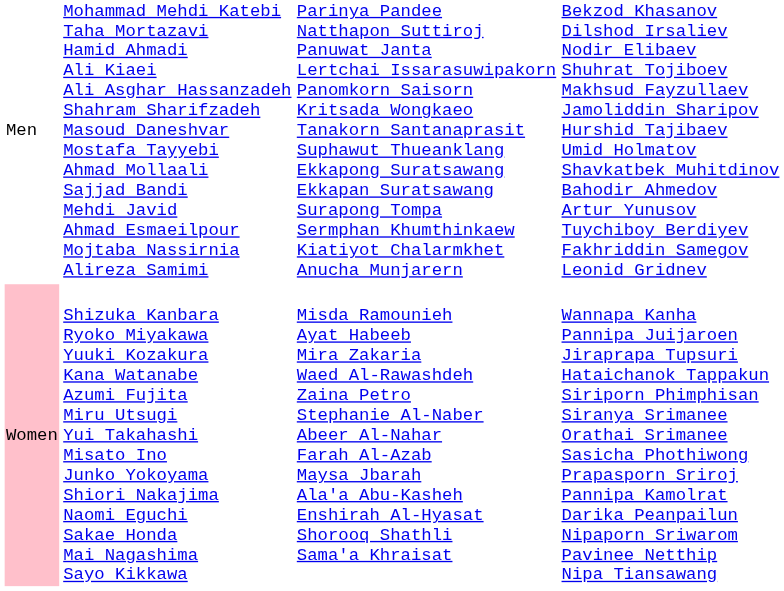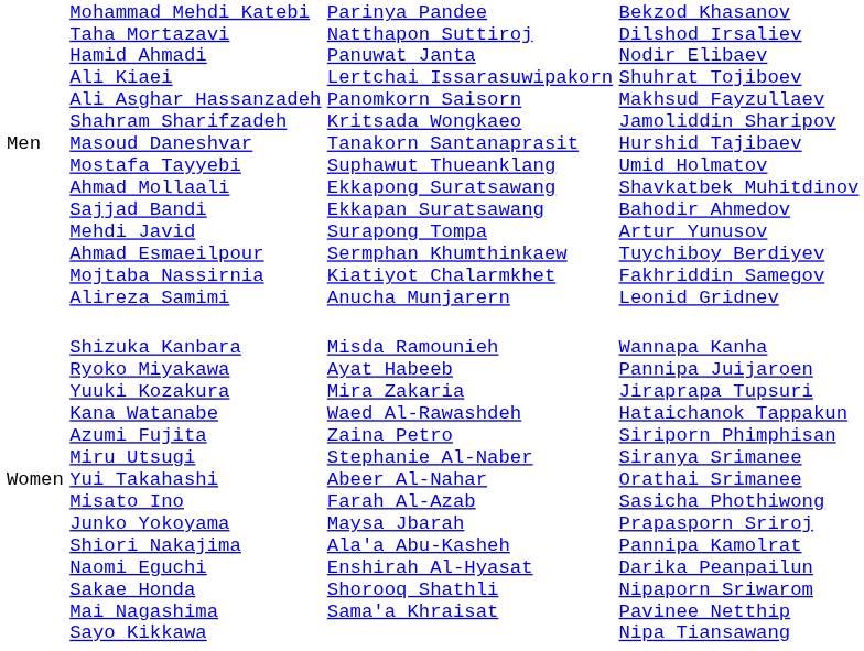 <table>
 <tr>
 <td>Men</td>
 <td><br><a href='#'>Mohammad Mehdi Katebi</a><br><a href='#'>Taha Mortazavi</a><br><a href='#'>Hamid Ahmadi</a><br><a href='#'>Ali Kiaei</a><br><a href='#'>Ali Asghar Hassanzadeh</a><br><a href='#'>Shahram Sharifzadeh</a><br><a href='#'>Masoud Daneshvar</a><br><a href='#'>Mostafa Tayyebi</a><br><a href='#'>Ahmad Mollaali</a><br><a href='#'>Sajjad Bandi</a><br><a href='#'>Mehdi Javid</a><br><a href='#'>Ahmad Esmaeilpour</a><br><a href='#'>Mojtaba Nassirnia</a><br><a href='#'>Alireza Samimi</a></td>
 <td><br><a href='#'>Parinya Pandee</a><br><a href='#'>Natthapon Suttiroj</a><br><a href='#'>Panuwat Janta</a><br><a href='#'>Lertchai Issarasuwipakorn</a><br><a href='#'>Panomkorn Saisorn</a><br><a href='#'>Kritsada Wongkaeo</a><br><a href='#'>Tanakorn Santanaprasit</a><br><a href='#'>Suphawut Thueanklang</a><br><a href='#'>Ekkapong Suratsawang</a><br><a href='#'>Ekkapan Suratsawang</a><br><a href='#'>Surapong Tompa</a><br><a href='#'>Sermphan Khumthinkaew</a><br><a href='#'>Kiatiyot Chalarmkhet</a><br><a href='#'>Anucha Munjarern</a></td>
 <td><br><a href='#'>Bekzod Khasanov</a><br><a href='#'>Dilshod Irsaliev</a><br><a href='#'>Nodir Elibaev</a><br><a href='#'>Shuhrat Tojiboev</a><br><a href='#'>Makhsud Fayzullaev</a><br><a href='#'>Jamoliddin Sharipov</a><br><a href='#'>Hurshid Tajibaev</a><br><a href='#'>Umid Holmatov</a><br><a href='#'>Shavkatbek Muhitdinov</a><br><a href='#'>Bahodir Ahmedov</a><br><a href='#'>Artur Yunusov</a><br><a href='#'>Tuychiboy Berdiyev</a><br><a href='#'>Fakhriddin Samegov</a><br><a href='#'>Leonid Gridnev</a></td>
 </tr>
 <tr>
-<td style="background: pink;">Women</td>
+<td>Women</td>
 <td><br><a href='#'>Shizuka Kanbara</a><br><a href='#'>Ryoko Miyakawa</a><br><a href='#'>Yuuki Kozakura</a><br><a href='#'>Kana Watanabe</a><br><a href='#'>Azumi Fujita</a><br><a href='#'>Miru Utsugi</a><br><a href='#'>Yui Takahashi</a><br><a href='#'>Misato Ino</a><br><a href='#'>Junko Yokoyama</a><br><a href='#'>Shiori Nakajima</a><br><a href='#'>Naomi Eguchi</a><br><a href='#'>Sakae Honda</a><br><a href='#'>Mai Nagashima</a><br><a href='#'>Sayo Kikkawa</a></td>
 <td valign=top><br><a href='#'>Misda Ramounieh</a><br><a href='#'>Ayat Habeeb</a><br><a href='#'>Mira Zakaria</a><br><a href='#'>Waed Al-Rawashdeh</a><br><a href='#'>Zaina Petro</a><br><a href='#'>Stephanie Al-Naber</a><br><a href='#'>Abeer Al-Nahar</a><br><a href='#'>Farah Al-Azab</a><br><a href='#'>Maysa Jbarah</a><br><a href='#'>Ala'a Abu-Kasheh</a><br><a href='#'>Enshirah Al-Hyasat</a><br><a href='#'>Shorooq Shathli</a><br><a href='#'>Sama'a Khraisat</a></td>
 <td><br><a href='#'>Wannapa Kanha</a><br><a href='#'>Pannipa Juijaroen</a><br><a href='#'>Jiraprapa Tupsuri</a><br><a href='#'>Hataichanok Tappakun</a><br><a href='#'>Siriporn Phimphisan</a><br><a href='#'>Siranya Srimanee</a><br><a href='#'>Orathai Srimanee</a><br><a href='#'>Sasicha Phothiwong</a><br><a href='#'>Prapasporn Sriroj</a><br><a href='#'>Pannipa Kamolrat</a><br><a href='#'>Darika Peanpailun</a><br><a href='#'>Nipaporn Sriwarom</a><br><a href='#'>Pavinee Netthip</a><br><a href='#'>Nipa Tiansawang</a></td>
 </tr>
 </table>
